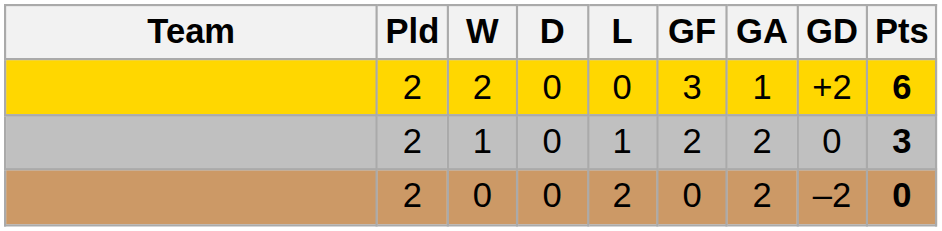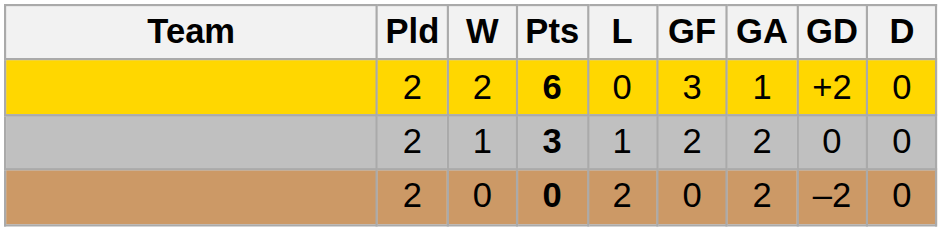 <table class="wikitable" style="text-align:center;">
 <tr>
 <th width=165>Team</th>
 <th width=25>Pld</th>
 <th width=25>W</th>
-<th width=25>D</th>
+<th width=25>Pts</th>
 <th width=25>L</th>
 <th width=25>GF</th>
 <th width=25>GA</th>
 <th width=25>GD</th>
-<th width=25>Pts</th>
+<th width=25>D</th>
 </tr>
 <tr bgcolor=gold>
 <td align="left"></td>
 <td>2</td>
 <td>2</td>
-<td>0</td>
+<td><strong>6</strong></td>
 <td>0</td>
 <td>3</td>
 <td>1</td>
 <td>+2</td>
-<td><strong>6</strong></td>
+<td>0</td>
 </tr>
 <tr bgcolor=silver>
 <td align="left"></td>
 <td>2</td>
 <td>1</td>
-<td>0</td>
+<td><strong>3</strong></td>
 <td>1</td>
 <td>2</td>
 <td>2</td>
 <td>0</td>
-<td><strong>3</strong></td>
+<td>0</td>
 </tr>
 <tr bgcolor=#cc9966>
 <td align="left"></td>
 <td>2</td>
 <td>0</td>
-<td>0</td>
+<td><strong>0</strong></td>
 <td>2</td>
 <td>0</td>
 <td>2</td>
 <td>–2</td>
-<td><strong>0</strong></td>
+<td>0</td>
 </tr>
 </table>
